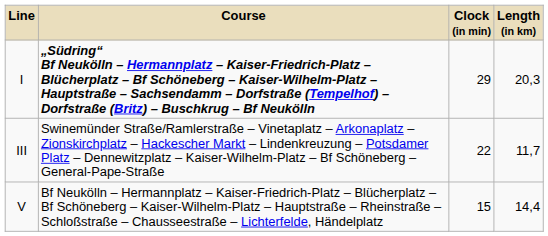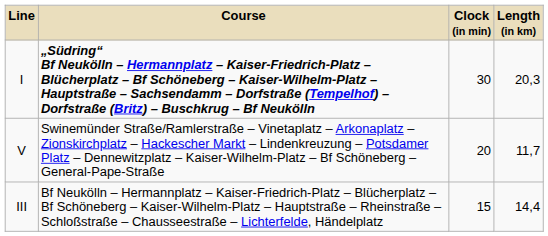 <table class="wikitable float-right" style="font-size:95%;" width="40%" align="right">
 <tr>
 <th style="background:#EADEBD;" valign="top">Line</th>
 <th style="background:#EADEBD;" valign="top">Course</th>
 <th style="background:#EADEBD;" valign="top">Clock<br><small>(in min)</small></th>
 <th style="background:#EADEBD;" valign="top">Length<br><small>(in km)</small></th>
 </tr>
 <tr>
 <td align="center">I</td>
 <td><strong><em>„<strong>Südring“<em><br>Bf Neukölln – <a href='#'>Hermannplatz</a> – Kaiser-Friedrich-Platz – Blücherplatz – Bf Schöneberg – Kaiser-Wilhelm-Platz – Hauptstraße – Sachsendamm – Dorfstraße (<a href='#'>Tempelhof</a>) – Dorfstraße (<a href='#'>Britz</a>) – Buschkrug – Bf Neukölln</td>
-<td align="right">29</td>
+<td align="right">30</td>
 <td align="right">20,3</td>
 </tr>
 <tr>
-<td align="center">III</td>
+<td align="center">V</td>
 <td>Swinemünder Straße/Ramlerstraße – Vinetaplatz – <a href='#'>Arkonaplatz</a> – <a href='#'>Zionskirchplatz</a> – <a href='#'>Hackescher Markt</a> – Lindenkreuzung – <a href='#'>Potsdamer Platz</a> – Dennewitzplatz – Kaiser-Wilhelm-Platz – Bf Schöneberg – General-Pape-Straße</td>
-<td align="right">22</td>
+<td align="right">20</td>
 <td align="right">11,7</td>
 </tr>
 <tr>
-<td align="center">V</td>
+<td align="center">III</td>
 <td>Bf Neukölln – Hermannplatz – Kaiser-Friedrich-Platz – Blücherplatz – Bf Schöneberg – Kaiser-Wilhelm-Platz – Hauptstraße – Rheinstraße – Schloßstraße – Chausseestraße – <a href='#'>Lichterfelde</a>, Händelplatz</td>
 <td align="right">15</td>
 <td align="right">14,4</td>
 </tr>
 </table>
